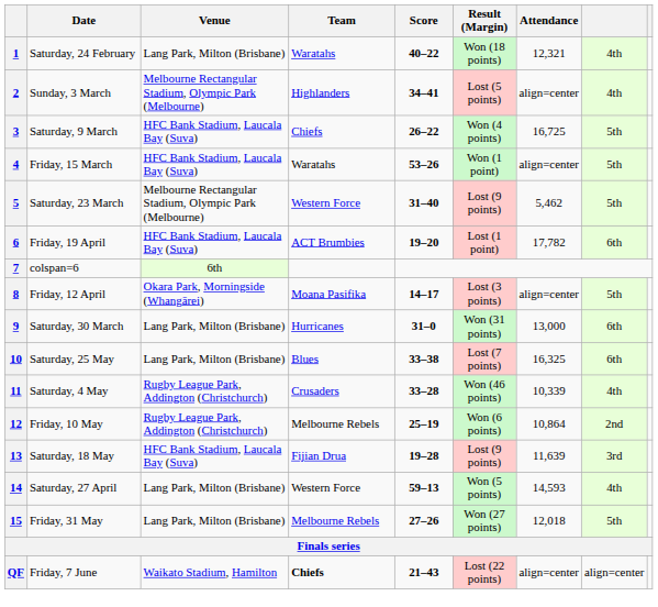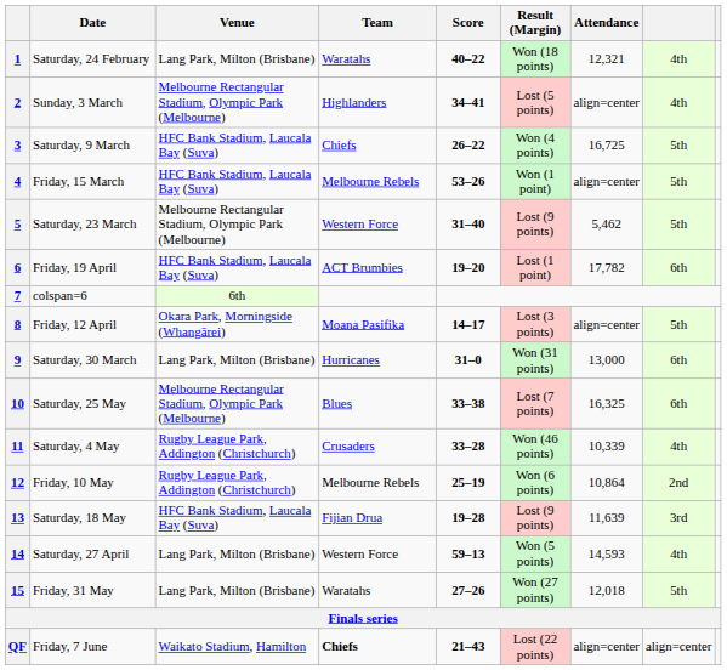 <table class="wikitable">
 <tr>
 <th></th>
 <th width=145>Date</th>
 <th>Venue</th>
 <th width=135>Team</th>
 <th width=70>Score</th>
 <th>Result (Margin)</th>
 <th>Attendance</th>
 <th></th>
 <th></th>
 </tr>
 <tr>
 <th align=center><a href='#'>1</a></th>
 <td>Saturday, 24 February</td>
 <td>Lang Park, Milton (Brisbane)</td>
 <td><a href='#'>Waratahs</a></td>
 <td align=center><strong>40–22</strong></td>
 <td align=center bgcolor=#CCF9CC>Won (18 points)</td>
 <td align=center>12,321</td>
 <td align=center bgcolor=#E8FFD8>4th</td>
 <td align=center></td>
 </tr>
 <tr>
 <th align=center><a href='#'>2</a></th>
 <td>Sunday, 3 March</td>
 <td><a href='#'>Melbourne Rectangular Stadium</a>, <a href='#'>Olympic Park</a> (<a href='#'>Melbourne</a>)</td>
 <td> <a href='#'>Highlanders</a></td>
 <td align=center><strong>34–41</strong></td>
 <td align=center bgcolor=#FFCCCC>Lost (5 points)</td>
 <td>align=center </td>
 <td align=center bgcolor=#E8FFD8>4th</td>
 <td align=center></td>
 </tr>
 <tr>
 <th align=center><a href='#'>3</a></th>
 <td>Saturday, 9 March</td>
 <td><a href='#'>HFC Bank Stadium</a>, <a href='#'>Laucala Bay</a> (<a href='#'>Suva</a>)</td>
 <td> <a href='#'>Chiefs</a></td>
 <td align=center><strong>26–22</strong></td>
 <td align=center bgcolor=#CCF9CC>Won (4 points)</td>
 <td align=center>16,725</td>
 <td align=center bgcolor=#E8FFD8>5th</td>
 <td align=center></td>
 </tr>
 <tr>
 <th align=center><a href='#'>4</a></th>
 <td>Friday, 15 March</td>
 <td><a href='#'>HFC Bank Stadium</a>, <a href='#'>Laucala Bay</a> (<a href='#'>Suva</a>)</td>
-<td>Waratahs</td>
+<td><a href='#'>Melbourne Rebels</a></td>
 <td align=center><strong>53–26</strong></td>
 <td align=center bgcolor=#CCF9CC>Won (1 point)</td>
 <td>align=center </td>
 <td align=center bgcolor=#E8FFD8>5th</td>
 <td align=center></td>
 </tr>
 <tr>
 <th align=center><a href='#'>5</a></th>
 <td>Saturday, 23 March</td>
 <td>Melbourne Rectangular Stadium, Olympic Park (Melbourne)</td>
 <td><a href='#'>Western Force</a></td>
 <td align=center><strong>31–40</strong></td>
 <td align=center bgcolor=#FFCCCC>Lost (9 points)</td>
 <td align=center>5,462</td>
 <td align=center bgcolor=#E8FFD8>5th</td>
 <td align=center></td>
 </tr>
 <tr>
 <th align=center><a href='#'>6</a></th>
 <td>Friday, 19 April</td>
 <td><a href='#'>HFC Bank Stadium</a>, <a href='#'>Laucala Bay</a> (<a href='#'>Suva</a>)</td>
 <td><a href='#'>ACT Brumbies</a></td>
 <td align=center><strong>19–20</strong></td>
 <td align=center bgcolor=#FFCCCC>Lost (1 point)</td>
 <td align=center>17,782</td>
 <td align=center bgcolor=#E8FFD8>6th</td>
 <td align=center></td>
 </tr>
 <tr>
 <th align=center><a href='#'>7</a></th>
 <td>colspan=6 </td>
 <td align=center bgcolor=#E8FFD8>6th</td>
 <td align=center></td>
 </tr>
 <tr>
 <th align=center><a href='#'>8</a></th>
 <td>Friday, 12 April</td>
 <td><a href='#'>Okara Park</a>, <a href='#'>Morningside</a> (<a href='#'>Whangārei</a>)</td>
 <td> <a href='#'>Moana Pasifika</a></td>
 <td align=center><strong>14–17</strong></td>
 <td align=center bgcolor=#FFCCCC>Lost (3 points)</td>
 <td>align=center </td>
 <td align=center bgcolor=#E8FFD8>5th</td>
 <td align=center></td>
 </tr>
 <tr>
 <th align=center><a href='#'>9</a></th>
 <td>Saturday, 30 March</td>
 <td>Lang Park, Milton (Brisbane)</td>
 <td> <a href='#'>Hurricanes</a></td>
 <td align=center><strong>31–0</strong></td>
 <td align=center bgcolor=#CCF9CC>Won (31 points)</td>
 <td align=center>13,000</td>
 <td align=center bgcolor=#E8FFD8>6th</td>
 <td align=center></td>
 </tr>
 <tr>
 <th align=center><a href='#'>10</a></th>
 <td>Saturday, 25 May</td>
-<td>Lang Park, Milton (Brisbane)</td>
+<td><a href='#'>Melbourne Rectangular Stadium</a>, <a href='#'>Olympic Park</a> (<a href='#'>Melbourne</a>)</td>
 <td> <a href='#'>Blues</a></td>
 <td align=center><strong>33–38</strong></td>
 <td align=center bgcolor=#FFCCCC>Lost (7 points)</td>
 <td align=center>16,325</td>
 <td align=center bgcolor=#E8FFD8>6th</td>
 <td align=center></td>
 </tr>
 <tr>
 <th align=center><a href='#'>11</a></th>
 <td>Saturday, 4 May</td>
 <td><a href='#'>Rugby League Park</a>, <a href='#'>Addington</a> (<a href='#'>Christchurch</a>)</td>
 <td> <a href='#'>Crusaders</a></td>
 <td align=center><strong>33–28</strong></td>
 <td align=center bgcolor=#CCF9CC>Won (46 points)</td>
 <td align=center>10,339</td>
 <td align=center bgcolor=#E8FFD8>4th</td>
 <td align=center></td>
 </tr>
 <tr>
 <th align=center><a href='#'>12</a></th>
 <td>Friday, 10 May</td>
 <td><a href='#'>Rugby League Park</a>, <a href='#'>Addington</a> (<a href='#'>Christchurch</a>)</td>
 <td>Melbourne Rebels</td>
 <td align=center><strong>25–19</strong></td>
 <td align=center bgcolor=#CCF9CC>Won (6 points)</td>
 <td align=center>10,864</td>
 <td align=center bgcolor=#E8FFD8>2nd</td>
 <td align=center></td>
 </tr>
 <tr>
 <th align=center><a href='#'>13</a></th>
 <td>Saturday, 18 May</td>
 <td><a href='#'>HFC Bank Stadium</a>, <a href='#'>Laucala Bay</a> (<a href='#'>Suva</a>)</td>
 <td> <a href='#'>Fijian Drua</a></td>
 <td align=center><strong>19–28</strong></td>
 <td align=center bgcolor=#FFCCCC>Lost (9 points)</td>
 <td align=center>11,639</td>
 <td align=center bgcolor=#E8FFD8>3rd</td>
 <td align=center></td>
 </tr>
 <tr>
 <th align=center><a href='#'>14</a></th>
 <td>Saturday, 27 April</td>
 <td>Lang Park, Milton (Brisbane)</td>
 <td>Western Force</td>
 <td align=center><strong>59–13</strong></td>
 <td align=center bgcolor=#CCF9CC>Won (5 points)</td>
 <td align=center>14,593</td>
 <td align=center bgcolor=#E8FFD8>4th</td>
 <td align=center></td>
 </tr>
 <tr>
 <th align=center><a href='#'>15</a></th>
 <td>Friday, 31 May</td>
 <td>Lang Park, Milton (Brisbane)</td>
-<td><a href='#'>Melbourne Rebels</a></td>
+<td>Waratahs</td>
 <td align=center><strong>27–26</strong></td>
 <td align=center bgcolor=#CCF9CC>Won (27 points)</td>
 <td align=center>12,018</td>
 <td align=center bgcolor=#E8FFD8>5th</td>
 <td align=center></td>
 </tr>
 <tr>
 <th align=center colspan=9><a href='#'>Finals series</a></th>
 </tr>
 <tr>
 <th align=center><a href='#'>QF</a></th>
 <td>Friday, 7 June</td>
 <td><a href='#'>Waikato Stadium</a>, <a href='#'>Hamilton</a></td>
 <td><strong> Chiefs</strong></td>
 <td align=center><strong>21–43</strong></td>
 <td align=center bgcolor=#FFCCCC>Lost (22 points)</td>
 <td>align=center </td>
 <td>align=center </td>
 <td align=center></td>
 </tr>
 </table>
